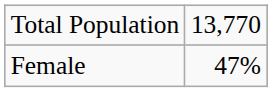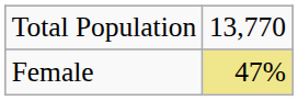 <table class="wikitable" style="float:left; margin-right:1em">
 <tr>
 <td>Total Population</td>
 <td align=right>13,770</td>
 </tr>
 <tr>
 <td>Female</td>
-<td align=right>47%</td>
+<td align=right style="background: khaki;">47%</td>
 </tr>
 </table>
